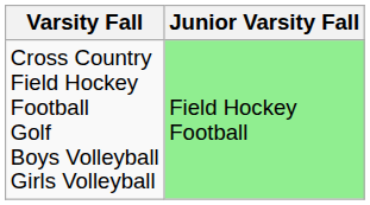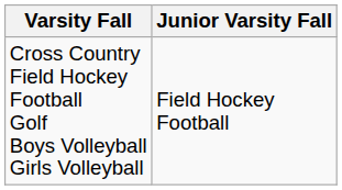 <table class="wikitable">
 <tr>
 <th>Varsity Fall</th>
 <th>Junior Varsity Fall</th>
 </tr>
 <tr>
 <td>Cross Country<br>Field Hockey<br>Football<br>Golf<br>Boys Volleyball<br>Girls Volleyball</td>
-<td style="background: lightgreen;">Field Hockey<br>Football</td>
+<td>Field Hockey<br>Football</td>
 </tr>
 </table>
